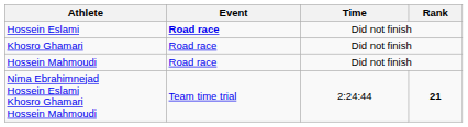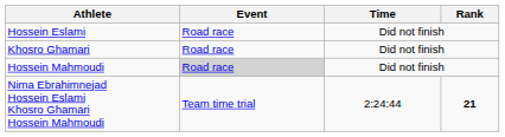 <table class="wikitable" width="50%" style="text-align:center; font-size:90%">
 <tr>
 <th width="30%">Athlete</th>
 <th width="25%">Event</th>
 <th width="20%">Time</th>
 <th width="10%">Rank</th>
 </tr>
 <tr>
 <td align="left"><a href='#'>Hossein Eslami</a></td>
-<td align="left"><strong><a href='#'>Road race</a></strong></td>
+<td align="left"><a href='#'>Road race</a></td>
 <td colspan="2">Did not finish</td>
 </tr>
 <tr>
 <td align="left"><a href='#'>Khosro Ghamari</a></td>
 <td align="left"><a href='#'>Road race</a></td>
 <td colspan="2">Did not finish</td>
 </tr>
 <tr>
 <td align="left"><a href='#'>Hossein Mahmoudi</a></td>
-<td align="left"><a href='#'>Road race</a></td>
+<td align="left" style="background: lightgrey;"><a href='#'>Road race</a></td>
 <td colspan="2">Did not finish</td>
 </tr>
 <tr>
 <td align="left"><a href='#'>Nima Ebrahimnejad</a><br><a href='#'>Hossein Eslami</a><br><a href='#'>Khosro Ghamari</a><br><a href='#'>Hossein Mahmoudi</a></td>
 <td align="left"><a href='#'>Team time trial</a></td>
 <td>2:24:44</td>
 <td><strong>21</strong></td>
 </tr>
 </table>
